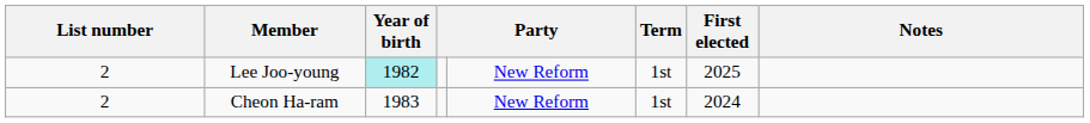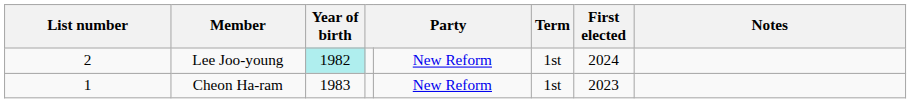 <table class="wikitable sortable" style="font-size:90%; text-align:center">
 <tr>
 <th scope="col" style="width:150px;">List number</th>
 <th scope="col" style="width:120px;">Member</th>
 <th scope="col" style="width:50px;">Year of birth</th>
 <th scope="col" style="width:150px;" colspan="2">Party</th>
 <th scope="col" style="width:20px;">Term</th>
 <th scope="col" style="width:50px;">First elected</th>
 <th scope="col" style="width:250px;" class="unsortable">Notes</th>
 </tr>
 <tr>
 <td style="width:50px;">2</td>
 <td>Lee Joo-young</td>
 <td style="background: paleturquoise;">1982</td>
 <td scope="row" width="1" style="background-color:"></td>
 <td><a href='#'>New Reform</a></td>
 <td>1st</td>
-<td>2025</td>
+<td>2024</td>
 <td></td>
 </tr>
 <tr>
-<td style="width:50px;">2</td>
+<td style="width:50px;">1</td>
 <td>Cheon Ha-ram</td>
 <td>1983</td>
 <td scope="row" style="background-color:"></td>
 <td><a href='#'>New Reform</a></td>
 <td>1st</td>
-<td>2024</td>
+<td>2023</td>
 <td></td>
 </tr>
 </table>
